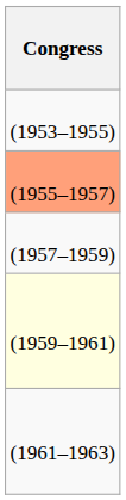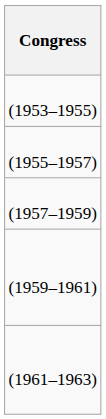 <table class="wikitable" style="float:left; margin:0; margin-right:-0.5px; margin-top:14px; text-align:center;">
 <tr style="white-space:nowrap; height:4.08em;">
 <th>Congress</th>
 </tr>
 <tr style="white-space:nowrap; height:3em;">
 <td><strong></strong><br>(1953–1955)</td>
 </tr>
 <tr style="white-space:nowrap; height:3em">
-<td style="background: lightsalmon;"><strong></strong><br>(1955–1957)</td>
+<td><strong></strong><br>(1955–1957)</td>
 </tr>
 <tr style="white-space:nowrap; height:3em">
 <td><strong></strong><br>(1957–1959)</td>
 </tr>
 <tr style="white-space:nowrap; height:5.62em">
-<td style="background: lightyellow;"><strong></strong><br>(1959–1961)</td>
+<td><strong></strong><br>(1959–1961)</td>
 </tr>
 <tr style="white-space:nowrap; height:5.2em">
 <td><strong></strong><br>(1961–1963)</td>
 </tr>
 </table>
